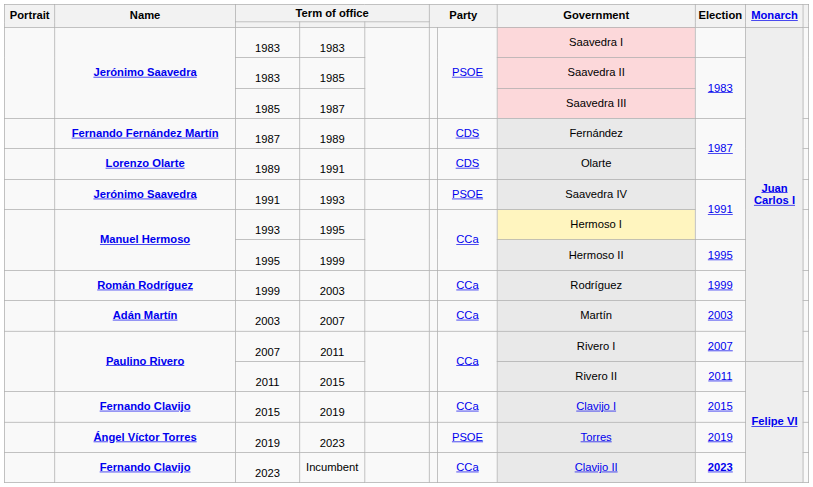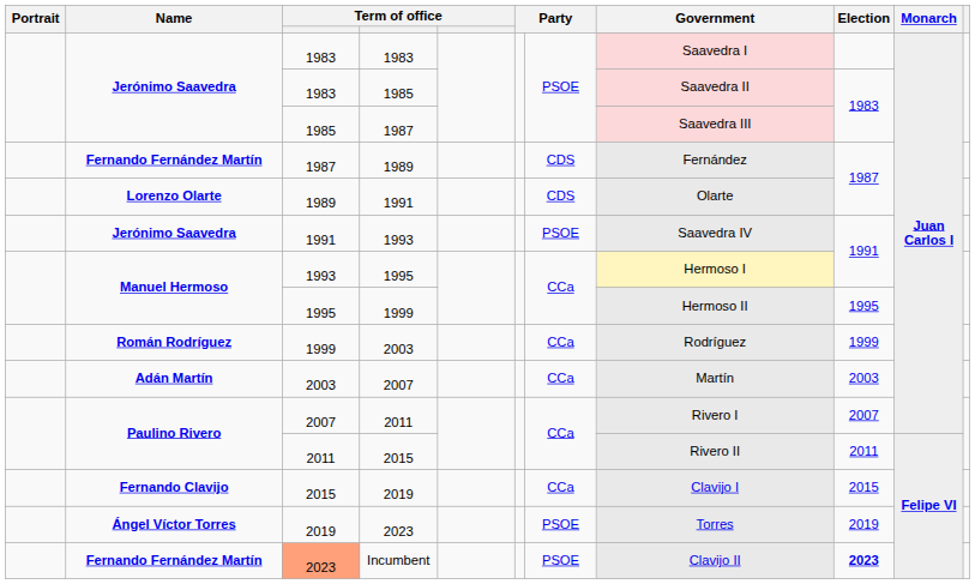 <table class="wikitable" style="text-align:center">
 <tr>
 <th rowspan="2" width="65">Portrait</th>
 <th rowspan="2" width="250">Name<br></th>
 <th colspan="3">Term of office</th>
 <th rowspan="2" colspan="2" width="90">Party</th>
 <th rowspan="2" width="275">Government<br></th>
 <th rowspan="2" width="65">Election</th>
 <th rowspan="2" width="75"><a href='#'>Monarch</a><br></th>
 <th rowspan="2"></th>
 </tr>
 <tr>
 <th width="85"></th>
 <th width="85"></th>
 <th width="85"></th>
 </tr>
 <tr>
 <td rowspan="3"></td>
 <td rowspan="3"><strong><a href='#'>Jerónimo Saavedra</a></strong><br></td>
 <td class="nowrap"><br>1983</td>
 <td class="nowrap"><br>1983</td>
 <td rowspan="3" style="font-size:95%;"></td>
 <td rowspan="3" style="background:"></td>
 <td rowspan="3"><a href='#'>PSOE</a></td>
 <td style="background:#FCD8DA;">Saavedra I<br></td>
 <td style="color:#ccc;"></td>
 <td scope="row" style="text-align:center;" rowspan="11" bgcolor="#EEEEEE"><br><strong><a href='#'>Juan Carlos I</a></strong><br><br></td>
 <td rowspan="3"><br><br><br></td>
 </tr>
 <tr>
 <td class="nowrap"><br>1983</td>
 <td class="nowrap"><br>1985</td>
 <td style="background:#FCD8DA;">Saavedra II<br></td>
 <td rowspan="2"><a href='#'>1983</a></td>
 </tr>
 <tr>
 <td class="nowrap"><br>1985</td>
 <td class="nowrap"><br>1987</td>
 <td style="background:#FCD8DA;">Saavedra III<br></td>
 </tr>
 <tr>
 <td></td>
 <td><strong><a href='#'>Fernando Fernández Martín</a></strong><br></td>
 <td class="nowrap"><br>1987</td>
 <td class="nowrap"><br>1989</td>
 <td style="font-size:95%;"></td>
 <td style="background:"></td>
 <td><a href='#'>CDS</a></td>
 <td style="background:#E9E9E9;">Fernández<br></td>
 <td rowspan="2"><a href='#'>1987</a></td>
 <td><br></td>
 </tr>
 <tr>
 <td></td>
 <td><strong><a href='#'>Lorenzo Olarte</a></strong><br></td>
 <td class="nowrap"><br>1989</td>
 <td class="nowrap"><br>1991</td>
 <td style="font-size:95%;"></td>
 <td style="background:"></td>
 <td><a href='#'>CDS</a></td>
 <td style="background:#E9E9E9;">Olarte<br></td>
 <td><br></td>
 </tr>
 <tr>
 <td></td>
 <td><strong><a href='#'>Jerónimo Saavedra</a></strong><br></td>
 <td class="nowrap"><br>1991</td>
 <td class="nowrap"><br>1993<br></td>
 <td style="font-size:95%;"></td>
 <td style="background:"></td>
 <td><a href='#'>PSOE</a></td>
 <td style="background:#E9E9E9;">Saavedra IV<br></td>
 <td rowspan="2"><a href='#'>1991</a></td>
 <td><br></td>
 </tr>
 <tr>
 <td rowspan="2"></td>
 <td rowspan="2"><strong><a href='#'>Manuel Hermoso</a></strong><br></td>
 <td class="nowrap"><br>1993</td>
 <td class="nowrap"><br>1995</td>
 <td rowspan="2" style="font-size:95%;"></td>
 <td rowspan="2" style="background:"></td>
 <td rowspan="2"><a href='#'>CCa</a> </td>
 <td style="background:#FFF5BF;">Hermoso I<br></td>
 <td rowspan="2"><br><br></td>
 </tr>
 <tr>
 <td class="nowrap"><br>1995</td>
 <td class="nowrap"><br>1999</td>
 <td style="background:#E9E9E9;">Hermoso II<br></td>
 <td><a href='#'>1995</a></td>
 </tr>
 <tr>
 <td></td>
 <td><strong><a href='#'>Román Rodríguez</a></strong><br></td>
 <td class="nowrap"><br>1999</td>
 <td class="nowrap"><br>2003</td>
 <td style="font-size:95%;"></td>
 <td style="background:"></td>
 <td><a href='#'>CCa</a> </td>
 <td style="background:#E9E9E9;">Rodríguez<br></td>
 <td><a href='#'>1999</a></td>
 <td><br></td>
 </tr>
 <tr>
 <td></td>
 <td><strong><a href='#'>Adán Martín</a></strong><br></td>
 <td class="nowrap"><br>2003</td>
 <td class="nowrap"><br>2007</td>
 <td style="font-size:95%;"></td>
 <td style="background:"></td>
 <td><a href='#'>CCa</a> </td>
 <td style="background:#E9E9E9;">Martín<br></td>
 <td><a href='#'>2003</a></td>
 <td><br></td>
 </tr>
 <tr>
 <td rowspan="2"></td>
 <td rowspan="2"><strong><a href='#'>Paulino Rivero</a></strong><br></td>
 <td class="nowrap"><br>2007</td>
 <td class="nowrap"><br>2011</td>
 <td rowspan="2" style="font-size:95%;"></td>
 <td rowspan="2" style="background:"></td>
 <td rowspan="2"><a href='#'>CCa</a></td>
 <td style="background:#E9E9E9;">Rivero I<br></td>
 <td><a href='#'>2007</a></td>
 <td rowspan="2"><br><br></td>
 </tr>
 <tr>
 <td class="nowrap"><br>2011</td>
 <td class="nowrap"><br>2015</td>
 <td style="background:#E9E9E9;">Rivero II<br></td>
 <td><a href='#'>2011</a></td>
 <td scope="row" style="text-align:center;" rowspan="6" bgcolor="#EEEEEE"><br><strong><a href='#'>Felipe VI</a></strong><br><br></td>
 </tr>
 <tr>
 <td></td>
 <td><strong><a href='#'>Fernando Clavijo</a></strong><br></td>
 <td class="nowrap"><br>2015</td>
 <td class="nowrap"><br>2019</td>
 <td style="font-size:95%;"></td>
 <td style="background:"></td>
 <td><a href='#'>CCa</a></td>
 <td style="background:#E9E9E9;"><a href='#'>Clavijo I</a><br></td>
 <td><a href='#'>2015</a></td>
 <td><br></td>
 </tr>
 <tr>
 <td></td>
 <td><strong><a href='#'>Ángel Víctor Torres</a></strong><br></td>
 <td class="nowrap"><br>2019</td>
 <td class="nowrap"><br>2023</td>
 <td style="font-size:95%;"></td>
 <td style="background:"></td>
 <td><a href='#'>PSOE</a></td>
 <td style="background:#E9E9E9;"><a href='#'>Torres</a><br></td>
 <td><a href='#'>2019</a></td>
 <td><br></td>
 </tr>
 <tr>
 <td></td>
-<td><strong><a href='#'>Fernando Clavijo</a></strong><br></td>
-<td class="nowrap"><br>2023</td>
+<td><strong><a href='#'>Fernando Fernández Martín</a></strong><br></td>
+<td class="nowrap" style="background: lightsalmon;"><br>2023</td>
 <td class="nowrap">Incumbent</td>
 <td style="font-size:95%;"></td>
 <td style="background:"></td>
-<td><a href='#'>CCa</a></td>
+<td><a href='#'>PSOE</a></td>
 <td style="background:#E9E9E9;"><a href='#'>Clavijo II</a><br></td>
 <td><strong><a href='#'>2023</a></strong></td>
 <td></td>
 </tr>
 </table>
